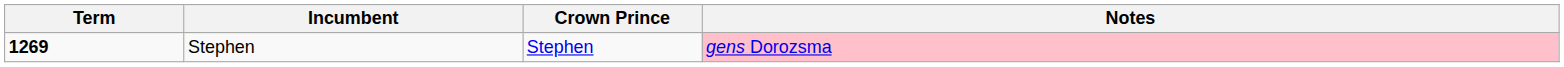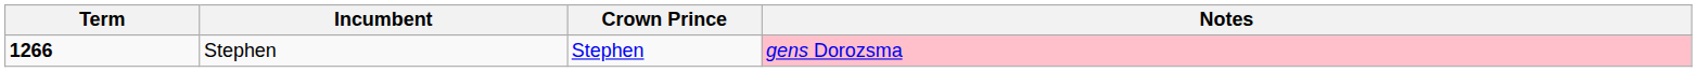 <table class="wikitable" style="width: 70%">
 <tr>
 <th scope="col" width="9%">Term</th>
 <th scope="col" width="17%">Incumbent</th>
 <th scope="col" width="9%">Crown Prince</th>
 <th scope="col" width="43%">Notes</th>
 </tr>
 <tr>
-<td><strong>1269</strong></td>
+<td><strong>1266</strong></td>
 <td>Stephen </td>
 <td><a href='#'>Stephen</a></td>
 <td style="background: pink;"><a href='#'><em>gens</em> Dorozsma</a></td>
 </tr>
 </table>
